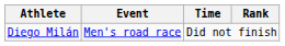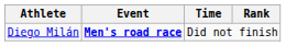 <table class="wikitable" style="font-size:90%">
 <tr>
 <th>Athlete</th>
 <th>Event</th>
 <th>Time</th>
 <th>Rank</th>
 </tr>
 <tr align=center>
 <td align=left><a href='#'>Diego Milán</a></td>
-<td align=left><a href='#'>Men's road race</a></td>
+<td align=left><strong><a href='#'>Men's road race</a></strong></td>
 <td colspan=2>Did not finish</td>
 </tr>
 </table>
